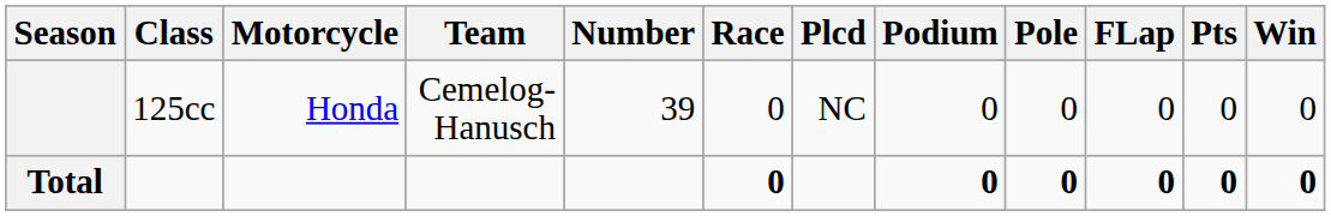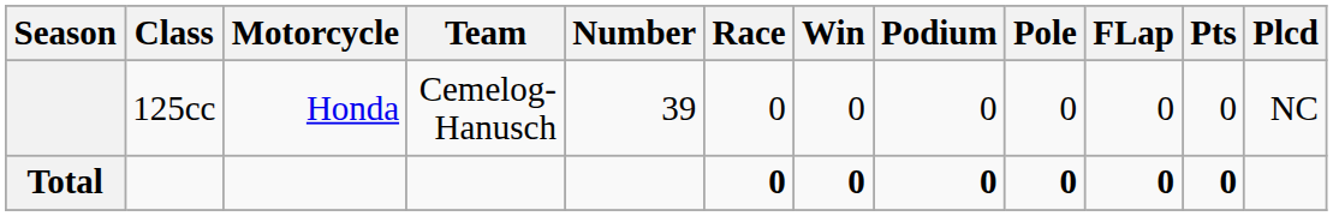 <table class="wikitable">
 <tr>
 <th>Season</th>
 <th>Class</th>
 <th>Motorcycle</th>
 <th>Team</th>
 <th>Number</th>
 <th>Race</th>
-<th>Plcd</th>
+<th>Win</th>
 <th>Podium</th>
 <th>Pole</th>
 <th>FLap</th>
 <th>Pts</th>
-<th>Win</th>
+<th>Plcd</th>
 </tr>
 <tr align="right">
 <th></th>
 <td>125cc</td>
 <td><a href='#'>Honda</a></td>
 <td>Cemelog-Hanusch</td>
 <td>39</td>
 <td>0</td>
-<td>NC</td>
 <td>0</td>
 <td>0</td>
 <td>0</td>
 <td>0</td>
 <td>0</td>
+<td>NC</td>
 </tr>
 <tr align="right">
 <th>Total</th>
 <td></td>
 <td></td>
 <td></td>
 <td></td>
 <td><strong>0</strong></td>
-<td></td>
 <td><strong>0</strong></td>
 <td><strong>0</strong></td>
 <td><strong>0</strong></td>
 <td><strong>0</strong></td>
 <td><strong>0</strong></td>
+<td></td>
 </tr>
 </table>
